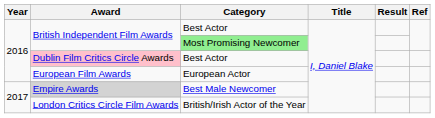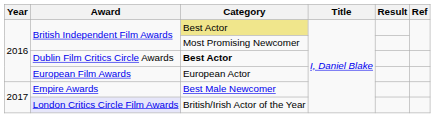 <table class="wikitable">
 <tr>
 <th>Year</th>
 <th>Award</th>
 <th>Category</th>
 <th>Title</th>
 <th>Result</th>
 <th>Ref</th>
 </tr>
 <tr>
 <td rowspan="4">2016</td>
 <td rowspan="2"><a href='#'>British Independent Film Awards</a></td>
-<td>Best Actor</td>
+<td style="background: khaki;">Best Actor</td>
 <td rowspan="6"><em><a href='#'>I, Daniel Blake</a></em></td>
 <td></td>
 <td rowspan="2"></td>
 </tr>
 <tr>
-<td style="background: lightgreen;">Most Promising Newcomer</td>
+<td>Most Promising Newcomer</td>
 <td></td>
 </tr>
 <tr>
-<td style="background: pink;"><a href='#'>Dublin Film Critics Circle</a> Awards</td>
-<td>Best Actor</td>
+<td><a href='#'>Dublin Film Critics Circle</a> Awards</td>
+<td><strong>Best Actor</strong></td>
 <td></td>
 <td></td>
 </tr>
 <tr>
 <td><a href='#'>European Film Awards</a></td>
 <td>European Actor</td>
 <td></td>
 <td></td>
 </tr>
 <tr>
 <td rowspan="2">2017</td>
-<td style="background: lightgrey;"><a href='#'>Empire Awards</a></td>
+<td><a href='#'>Empire Awards</a></td>
 <td><a href='#'>Best Male Newcomer</a></td>
 <td></td>
 <td></td>
 </tr>
 <tr>
-<td><a href='#'>London Critics Circle Film Awards</a></td>
+<td style="background: lavender;"><a href='#'>London Critics Circle Film Awards</a></td>
 <td>British/Irish Actor of the Year</td>
 <td></td>
 <td></td>
 </tr>
 </table>
